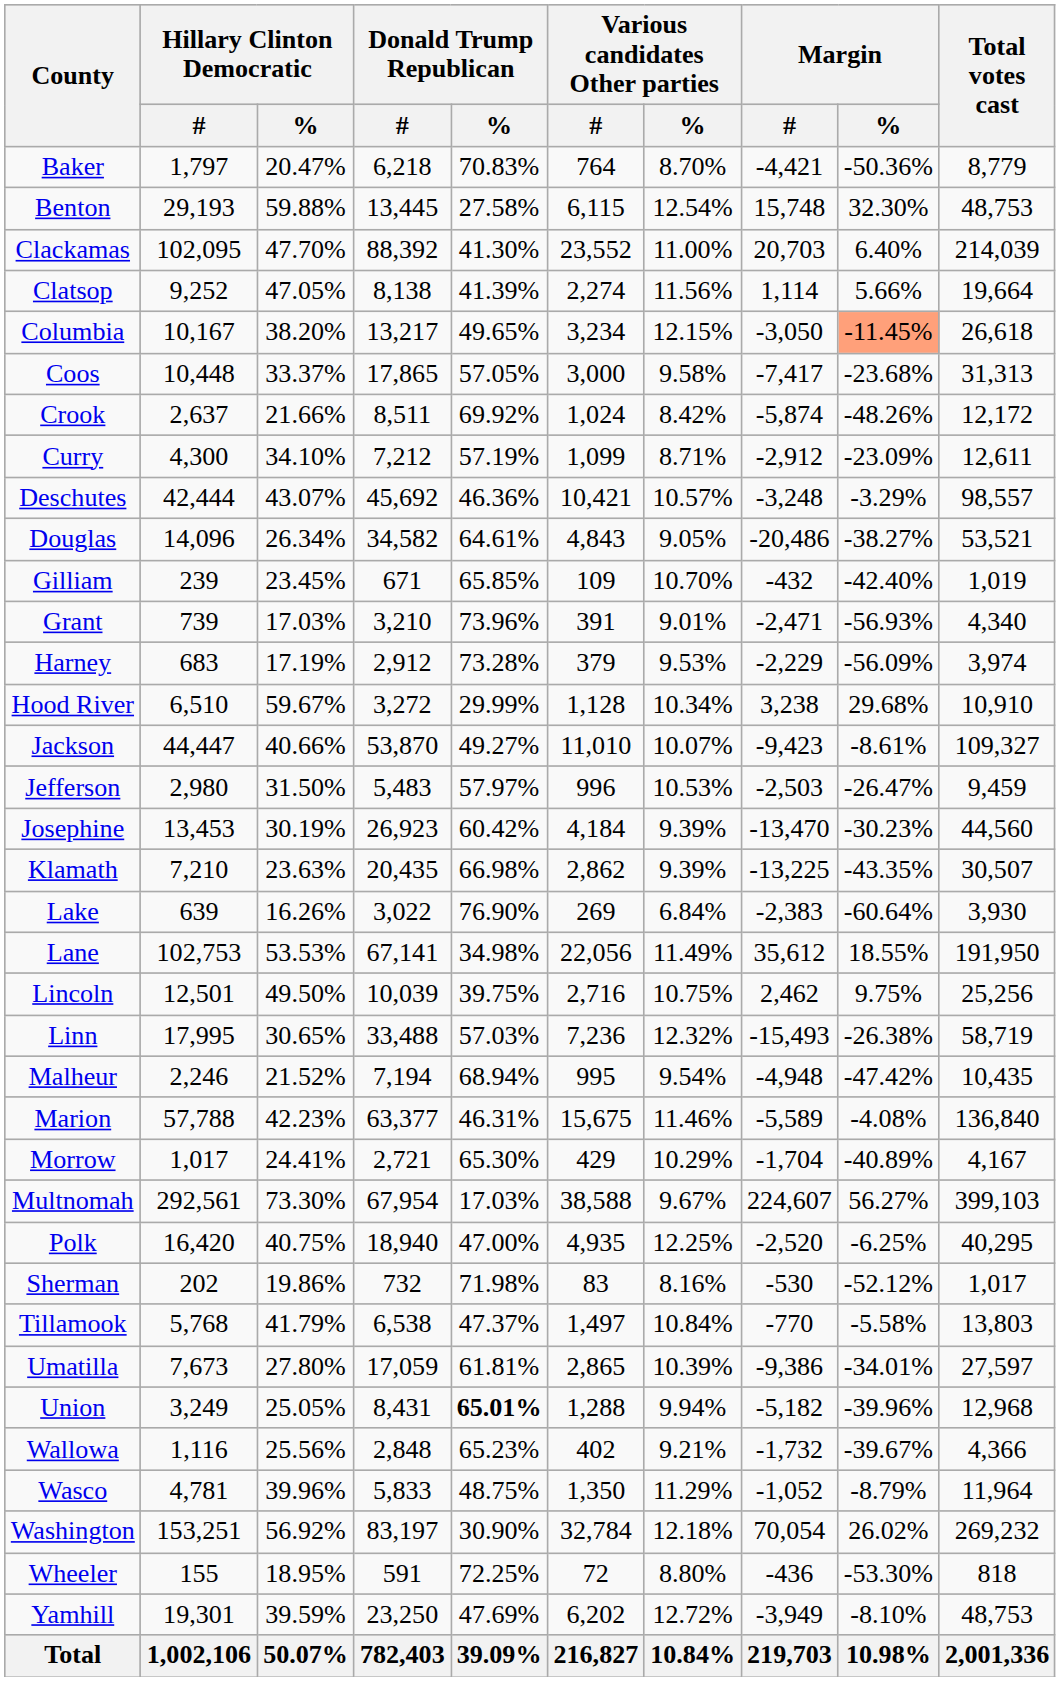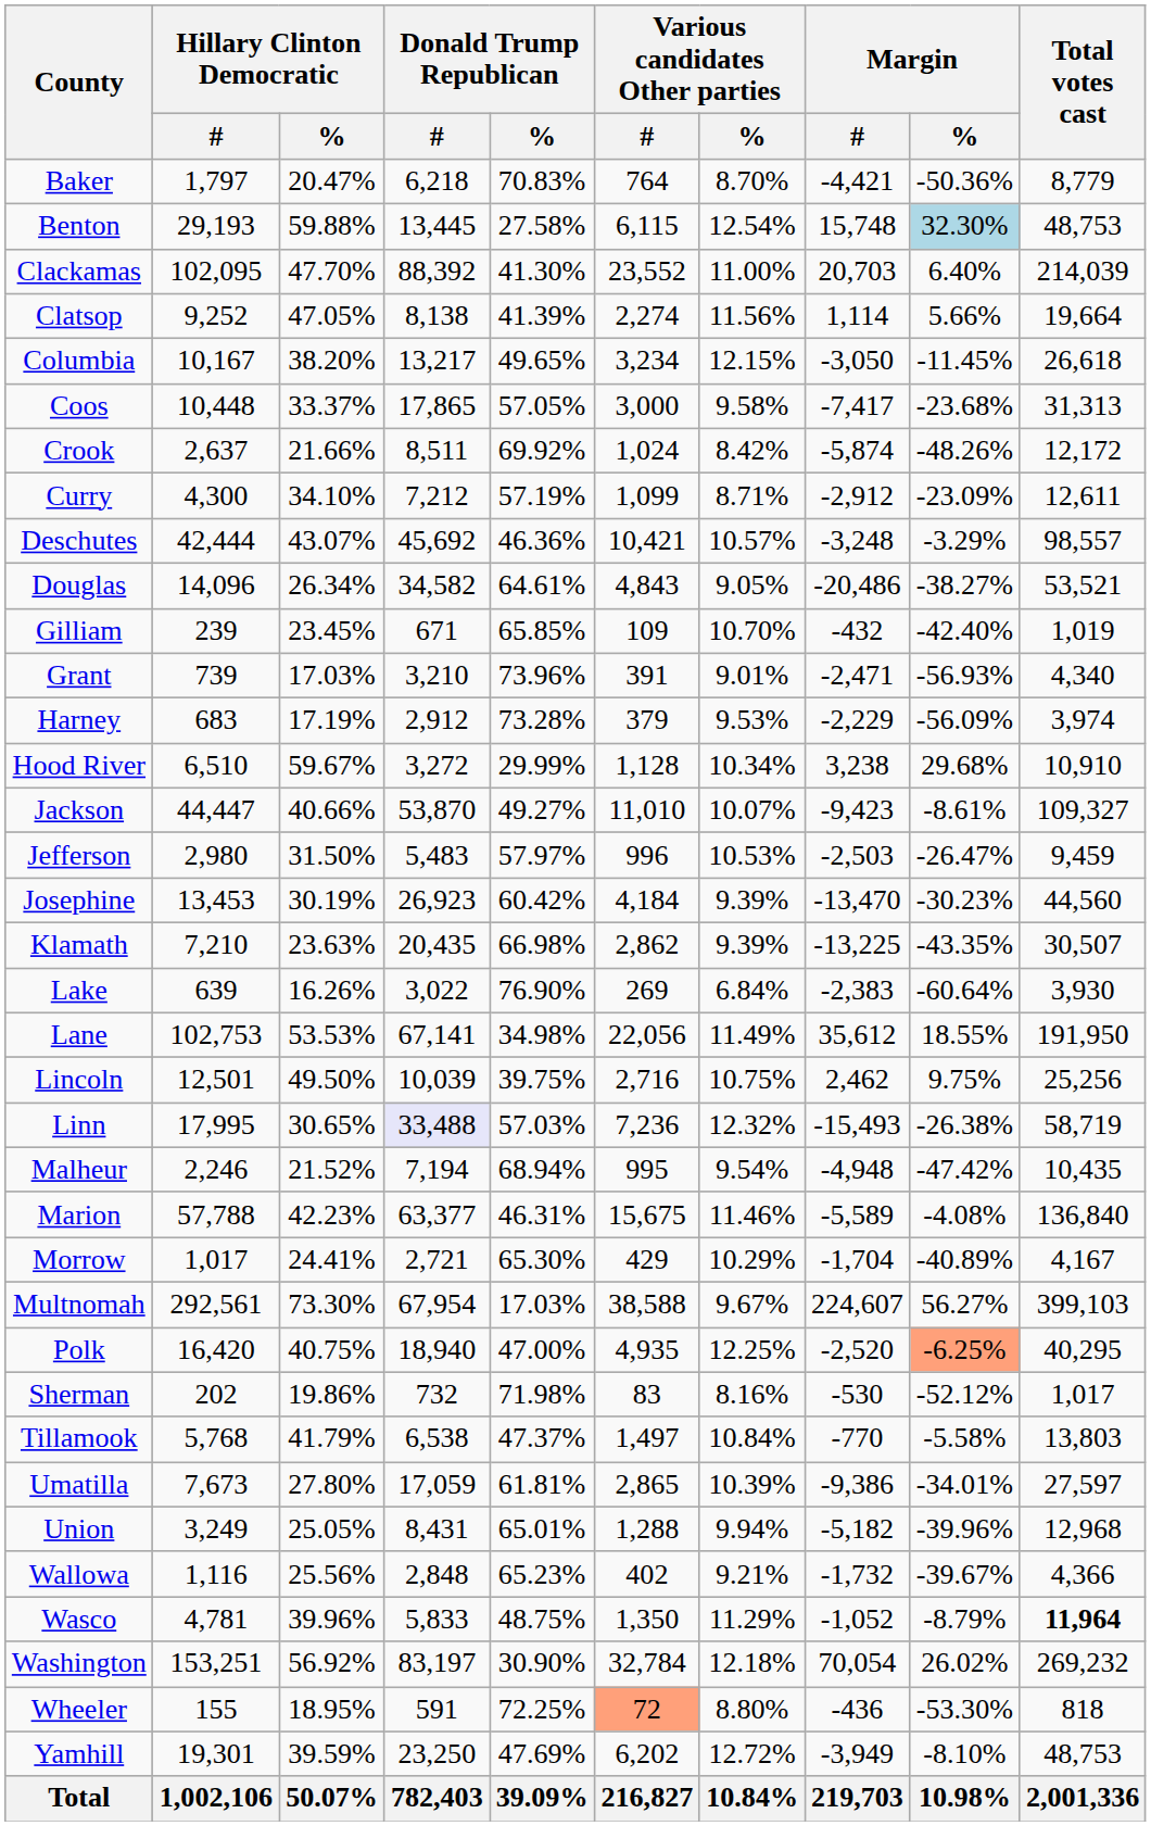 <table width="60%"  class="wikitable sortable" style="text-align:center">
 <tr>
 <th style="text-align:center;" rowspan="2">County</th>
 <th style="text-align:center;" colspan="2">Hillary Clinton<br>Democratic</th>
 <th style="text-align:center;" colspan="2">Donald Trump<br>Republican</th>
 <th style="text-align:center;" colspan="2">Various candidates<br>Other parties</th>
 <th style="text-align:center;" colspan="2">Margin</th>
 <th style="text-align:center;" rowspan="2">Total votes cast</th>
 </tr>
 <tr>
 <th style="text-align:center;" data-sort-type="number">#</th>
 <th style="text-align:center;" data-sort-type="number">%</th>
 <th style="text-align:center;" data-sort-type="number">#</th>
 <th style="text-align:center;" data-sort-type="number">%</th>
 <th style="text-align:center;" data-sort-type="number">#</th>
 <th style="text-align:center;" data-sort-type="number">%</th>
 <th style="text-align:center;" data-sort-type="number">#</th>
 <th style="text-align:center;" data-sort-type="number">%</th>
 </tr>
 <tr style="text-align:center;">
 <td><a href='#'>Baker</a></td>
 <td>1,797</td>
 <td>20.47%</td>
 <td>6,218</td>
 <td>70.83%</td>
 <td>764</td>
 <td>8.70%</td>
 <td>-4,421</td>
 <td>-50.36%</td>
 <td>8,779</td>
 </tr>
 <tr style="text-align:center;">
 <td><a href='#'>Benton</a></td>
 <td>29,193</td>
 <td>59.88%</td>
 <td>13,445</td>
 <td>27.58%</td>
 <td>6,115</td>
 <td>12.54%</td>
 <td>15,748</td>
-<td>32.30%</td>
+<td style="background: lightblue;">32.30%</td>
 <td>48,753</td>
 </tr>
 <tr style="text-align:center;">
 <td><a href='#'>Clackamas</a></td>
 <td>102,095</td>
 <td>47.70%</td>
 <td>88,392</td>
 <td>41.30%</td>
 <td>23,552</td>
 <td>11.00%</td>
 <td>20,703</td>
 <td>6.40%</td>
 <td>214,039</td>
 </tr>
 <tr style="text-align:center;">
 <td><a href='#'>Clatsop</a></td>
 <td>9,252</td>
 <td>47.05%</td>
 <td>8,138</td>
 <td>41.39%</td>
 <td>2,274</td>
 <td>11.56%</td>
 <td>1,114</td>
 <td>5.66%</td>
 <td>19,664</td>
 </tr>
 <tr style="text-align:center;">
 <td><a href='#'>Columbia</a></td>
 <td>10,167</td>
 <td>38.20%</td>
 <td>13,217</td>
 <td>49.65%</td>
 <td>3,234</td>
 <td>12.15%</td>
 <td>-3,050</td>
-<td style="background: lightsalmon;">-11.45%</td>
+<td>-11.45%</td>
 <td>26,618</td>
 </tr>
 <tr style="text-align:center;">
 <td><a href='#'>Coos</a></td>
 <td>10,448</td>
 <td>33.37%</td>
 <td>17,865</td>
 <td>57.05%</td>
 <td>3,000</td>
 <td>9.58%</td>
 <td>-7,417</td>
 <td>-23.68%</td>
 <td>31,313</td>
 </tr>
 <tr style="text-align:center;">
 <td><a href='#'>Crook</a></td>
 <td>2,637</td>
 <td>21.66%</td>
 <td>8,511</td>
 <td>69.92%</td>
 <td>1,024</td>
 <td>8.42%</td>
 <td>-5,874</td>
 <td>-48.26%</td>
 <td>12,172</td>
 </tr>
 <tr style="text-align:center;">
 <td><a href='#'>Curry</a></td>
 <td>4,300</td>
 <td>34.10%</td>
 <td>7,212</td>
 <td>57.19%</td>
 <td>1,099</td>
 <td>8.71%</td>
 <td>-2,912</td>
 <td>-23.09%</td>
 <td>12,611</td>
 </tr>
 <tr style="text-align:center;">
 <td><a href='#'>Deschutes</a></td>
 <td>42,444</td>
 <td>43.07%</td>
 <td>45,692</td>
 <td>46.36%</td>
 <td>10,421</td>
 <td>10.57%</td>
 <td>-3,248</td>
 <td>-3.29%</td>
 <td>98,557</td>
 </tr>
 <tr style="text-align:center;">
 <td><a href='#'>Douglas</a></td>
 <td>14,096</td>
 <td>26.34%</td>
 <td>34,582</td>
 <td>64.61%</td>
 <td>4,843</td>
 <td>9.05%</td>
 <td>-20,486</td>
 <td>-38.27%</td>
 <td>53,521</td>
 </tr>
 <tr style="text-align:center;">
 <td><a href='#'>Gilliam</a></td>
 <td>239</td>
 <td>23.45%</td>
 <td>671</td>
 <td>65.85%</td>
 <td>109</td>
 <td>10.70%</td>
 <td>-432</td>
 <td>-42.40%</td>
 <td>1,019</td>
 </tr>
 <tr style="text-align:center;">
 <td><a href='#'>Grant</a></td>
 <td>739</td>
 <td>17.03%</td>
 <td>3,210</td>
 <td>73.96%</td>
 <td>391</td>
 <td>9.01%</td>
 <td>-2,471</td>
 <td>-56.93%</td>
 <td>4,340</td>
 </tr>
 <tr style="text-align:center;">
 <td><a href='#'>Harney</a></td>
 <td>683</td>
 <td>17.19%</td>
 <td>2,912</td>
 <td>73.28%</td>
 <td>379</td>
 <td>9.53%</td>
 <td>-2,229</td>
 <td>-56.09%</td>
 <td>3,974</td>
 </tr>
 <tr style="text-align:center;">
 <td><a href='#'>Hood River</a></td>
 <td>6,510</td>
 <td>59.67%</td>
 <td>3,272</td>
 <td>29.99%</td>
 <td>1,128</td>
 <td>10.34%</td>
 <td>3,238</td>
 <td>29.68%</td>
 <td>10,910</td>
 </tr>
 <tr style="text-align:center;">
 <td><a href='#'>Jackson</a></td>
 <td>44,447</td>
 <td>40.66%</td>
 <td>53,870</td>
 <td>49.27%</td>
 <td>11,010</td>
 <td>10.07%</td>
 <td>-9,423</td>
 <td>-8.61%</td>
 <td>109,327</td>
 </tr>
 <tr style="text-align:center;">
 <td><a href='#'>Jefferson</a></td>
 <td>2,980</td>
 <td>31.50%</td>
 <td>5,483</td>
 <td>57.97%</td>
 <td>996</td>
 <td>10.53%</td>
 <td>-2,503</td>
 <td>-26.47%</td>
 <td>9,459</td>
 </tr>
 <tr style="text-align:center;">
 <td><a href='#'>Josephine</a></td>
 <td>13,453</td>
 <td>30.19%</td>
 <td>26,923</td>
 <td>60.42%</td>
 <td>4,184</td>
 <td>9.39%</td>
 <td>-13,470</td>
 <td>-30.23%</td>
 <td>44,560</td>
 </tr>
 <tr style="text-align:center;">
 <td><a href='#'>Klamath</a></td>
 <td>7,210</td>
 <td>23.63%</td>
 <td>20,435</td>
 <td>66.98%</td>
 <td>2,862</td>
 <td>9.39%</td>
 <td>-13,225</td>
 <td>-43.35%</td>
 <td>30,507</td>
 </tr>
 <tr style="text-align:center;">
 <td><a href='#'>Lake</a></td>
 <td>639</td>
 <td>16.26%</td>
 <td>3,022</td>
 <td>76.90%</td>
 <td>269</td>
 <td>6.84%</td>
 <td>-2,383</td>
 <td>-60.64%</td>
 <td>3,930</td>
 </tr>
 <tr style="text-align:center;">
 <td><a href='#'>Lane</a></td>
 <td>102,753</td>
 <td>53.53%</td>
 <td>67,141</td>
 <td>34.98%</td>
 <td>22,056</td>
 <td>11.49%</td>
 <td>35,612</td>
 <td>18.55%</td>
 <td>191,950</td>
 </tr>
 <tr style="text-align:center;">
 <td><a href='#'>Lincoln</a></td>
 <td>12,501</td>
 <td>49.50%</td>
 <td>10,039</td>
 <td>39.75%</td>
 <td>2,716</td>
 <td>10.75%</td>
 <td>2,462</td>
 <td>9.75%</td>
 <td>25,256</td>
 </tr>
 <tr style="text-align:center;">
 <td><a href='#'>Linn</a></td>
 <td>17,995</td>
 <td>30.65%</td>
-<td>33,488</td>
+<td style="background: lavender;">33,488</td>
 <td>57.03%</td>
 <td>7,236</td>
 <td>12.32%</td>
 <td>-15,493</td>
 <td>-26.38%</td>
 <td>58,719</td>
 </tr>
 <tr style="text-align:center;">
 <td><a href='#'>Malheur</a></td>
 <td>2,246</td>
 <td>21.52%</td>
 <td>7,194</td>
 <td>68.94%</td>
 <td>995</td>
 <td>9.54%</td>
 <td>-4,948</td>
 <td>-47.42%</td>
 <td>10,435</td>
 </tr>
 <tr style="text-align:center;">
 <td><a href='#'>Marion</a></td>
 <td>57,788</td>
 <td>42.23%</td>
 <td>63,377</td>
 <td>46.31%</td>
 <td>15,675</td>
 <td>11.46%</td>
 <td>-5,589</td>
 <td>-4.08%</td>
 <td>136,840</td>
 </tr>
 <tr style="text-align:center;">
 <td><a href='#'>Morrow</a></td>
 <td>1,017</td>
 <td>24.41%</td>
 <td>2,721</td>
 <td>65.30%</td>
 <td>429</td>
 <td>10.29%</td>
 <td>-1,704</td>
 <td>-40.89%</td>
 <td>4,167</td>
 </tr>
 <tr style="text-align:center;">
 <td><a href='#'>Multnomah</a></td>
 <td>292,561</td>
 <td>73.30%</td>
 <td>67,954</td>
 <td>17.03%</td>
 <td>38,588</td>
 <td>9.67%</td>
 <td>224,607</td>
 <td>56.27%</td>
 <td>399,103</td>
 </tr>
 <tr style="text-align:center;">
 <td><a href='#'>Polk</a></td>
 <td>16,420</td>
 <td>40.75%</td>
 <td>18,940</td>
 <td>47.00%</td>
 <td>4,935</td>
 <td>12.25%</td>
 <td>-2,520</td>
-<td>-6.25%</td>
+<td style="background: lightsalmon;">-6.25%</td>
 <td>40,295</td>
 </tr>
 <tr style="text-align:center;">
 <td><a href='#'>Sherman</a></td>
 <td>202</td>
 <td>19.86%</td>
 <td>732</td>
 <td>71.98%</td>
 <td>83</td>
 <td>8.16%</td>
 <td>-530</td>
 <td>-52.12%</td>
 <td>1,017</td>
 </tr>
 <tr style="text-align:center;">
 <td><a href='#'>Tillamook</a></td>
 <td>5,768</td>
 <td>41.79%</td>
 <td>6,538</td>
 <td>47.37%</td>
 <td>1,497</td>
 <td>10.84%</td>
 <td>-770</td>
 <td>-5.58%</td>
 <td>13,803</td>
 </tr>
 <tr style="text-align:center;">
 <td><a href='#'>Umatilla</a></td>
 <td>7,673</td>
 <td>27.80%</td>
 <td>17,059</td>
 <td>61.81%</td>
 <td>2,865</td>
 <td>10.39%</td>
 <td>-9,386</td>
 <td>-34.01%</td>
 <td>27,597</td>
 </tr>
 <tr style="text-align:center;">
 <td><a href='#'>Union</a></td>
 <td>3,249</td>
 <td>25.05%</td>
 <td>8,431</td>
-<td><strong>65.01%</strong></td>
+<td>65.01%</td>
 <td>1,288</td>
 <td>9.94%</td>
 <td>-5,182</td>
 <td>-39.96%</td>
 <td>12,968</td>
 </tr>
 <tr style="text-align:center;">
 <td><a href='#'>Wallowa</a></td>
 <td>1,116</td>
 <td>25.56%</td>
 <td>2,848</td>
 <td>65.23%</td>
 <td>402</td>
 <td>9.21%</td>
 <td>-1,732</td>
 <td>-39.67%</td>
 <td>4,366</td>
 </tr>
 <tr style="text-align:center;">
 <td><a href='#'>Wasco</a></td>
 <td>4,781</td>
 <td>39.96%</td>
 <td>5,833</td>
 <td>48.75%</td>
 <td>1,350</td>
 <td>11.29%</td>
 <td>-1,052</td>
 <td>-8.79%</td>
-<td>11,964</td>
+<td><strong>11,964</strong></td>
 </tr>
 <tr style="text-align:center;">
 <td><a href='#'>Washington</a></td>
 <td>153,251</td>
 <td>56.92%</td>
 <td>83,197</td>
 <td>30.90%</td>
 <td>32,784</td>
 <td>12.18%</td>
 <td>70,054</td>
 <td>26.02%</td>
 <td>269,232</td>
 </tr>
 <tr style="text-align:center;">
 <td><a href='#'>Wheeler</a></td>
 <td>155</td>
 <td>18.95%</td>
 <td>591</td>
 <td>72.25%</td>
-<td>72</td>
+<td style="background: lightsalmon;">72</td>
 <td>8.80%</td>
 <td>-436</td>
 <td>-53.30%</td>
 <td>818</td>
 </tr>
 <tr style="text-align:center;">
 <td><a href='#'>Yamhill</a></td>
 <td>19,301</td>
 <td>39.59%</td>
 <td>23,250</td>
 <td>47.69%</td>
 <td>6,202</td>
 <td>12.72%</td>
 <td>-3,949</td>
 <td>-8.10%</td>
 <td>48,753</td>
 </tr>
 <tr>
 <th>Total</th>
 <th>1,002,106</th>
 <th>50.07%</th>
 <th>782,403</th>
 <th>39.09%</th>
 <th>216,827</th>
 <th>10.84%</th>
 <th>219,703</th>
 <th>10.98%</th>
 <th>2,001,336</th>
 </tr>
 </table>
